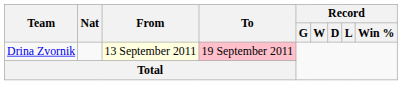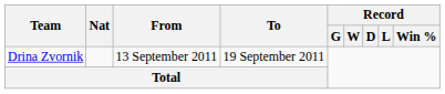 <table class="wikitable" style="text-align: center">
 <tr>
 <th rowspan="2">Team</th>
 <th rowspan="2">Nat</th>
 <th rowspan="2">From</th>
 <th rowspan="2">To</th>
 <th colspan="5">Record</th>
 </tr>
 <tr>
 <th>G</th>
 <th>W</th>
 <th>D</th>
 <th>L</th>
 <th>Win %</th>
 </tr>
 <tr>
 <td align=left><a href='#'>Drina Zvornik</a></td>
 <td align=left></td>
-<td align=left style="background: lightyellow;">13 September 2011</td>
-<td align=left style="background: pink;">19 September 2011<br></td>
+<td align=left>13 September 2011</td>
+<td align=left>19 September 2011<br></td>
 </tr>
 <tr>
 <th colspan=4>Total<br></th>
 </tr>
 </table>
